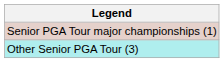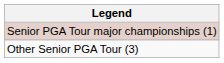 <table class="wikitable" style="font-size:95%;">
 <tr>
 <th>Legend</th>
 </tr>
 <tr style="background:#e5d1cb;">
 <td>Senior PGA Tour major championships (1)</td>
 </tr>
 <tr>
-<td style="background: paleturquoise;">Other Senior PGA Tour (3)</td>
+<td>Other Senior PGA Tour (3)</td>
 </tr>
 </table>
